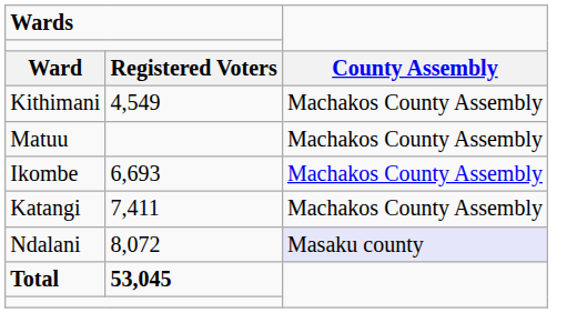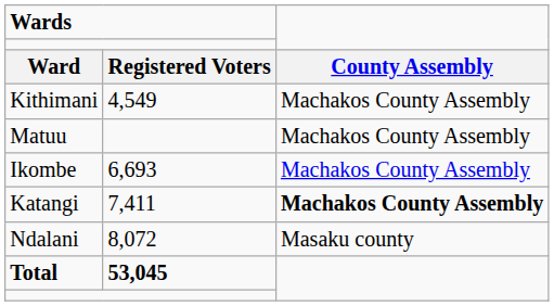 <table class="wikitable">
 <tr>
 <td colspan="2"><strong>Wards</strong></td>
 </tr>
 <tr>
 <td colspan="2"></td>
 </tr>
 <tr>
 <th>Ward</th>
 <th>Registered Voters</th>
 <th><a href='#'>County Assembly</a></th>
 </tr>
 <tr>
 <td>Kithimani</td>
 <td>4,549</td>
 <td>Machakos County Assembly</td>
 </tr>
 <tr>
 <td>Matuu</td>
 <td></td>
 <td>Machakos County Assembly</td>
 </tr>
 <tr>
 <td>Ikombe</td>
 <td>6,693</td>
 <td><a href='#'>Machakos County Assembly</a></td>
 </tr>
 <tr>
 <td>Katangi</td>
 <td>7,411</td>
-<td>Machakos County Assembly</td>
+<td><strong>Machakos County Assembly</strong></td>
 </tr>
 <tr>
 <td>Ndalani</td>
 <td>8,072</td>
-<td style="background: lavender;">Masaku county</td>
+<td>Masaku county</td>
 </tr>
 <tr>
 <td><strong>Total</strong></td>
 <td><strong>53,045</strong></td>
 </tr>
 <tr>
 <td colspan="2"></td>
 </tr>
 </table>
